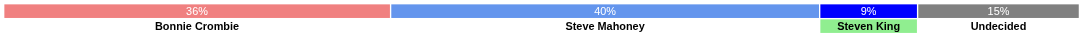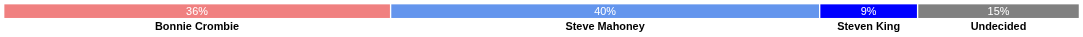 <table style="width:100%; text-align:center;">
 <tr style="color:white;">
 <td style="background:lightcoral; width:36%;">36%</td>
 <td style="background:cornflowerblue; width:40%;">40%</td>
 <td style="background:blue; width:9%;">9%</td>
 <td style="background:gray; width:15%;">15%</td>
 </tr>
 <tr>
 <td><span><strong>Bonnie Crombie</strong></span></td>
 <td><span><strong>Steve Mahoney</strong></span></td>
-<td style="background: lightgreen;"><span><strong>Steven King</strong></span></td>
+<td><span><strong>Steven King</strong></span></td>
 <td><span><strong>Undecided</strong></span></td>
 </tr>
 </table>
